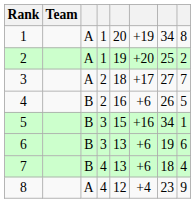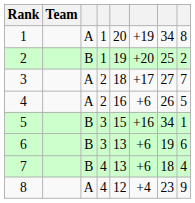 <table class="wikitable" style="text-align:center;">
 <tr>
 <th>Rank</th>
 <th>Team</th>
 <th></th>
 <th></th>
 <th></th>
 <th></th>
 <th></th>
 <th></th>
 </tr>
 <tr>
 <td>1</td>
 <td align=left></td>
 <td>A</td>
 <td>1</td>
 <td>20</td>
 <td>+19</td>
 <td>34</td>
 <td>8</td>
 </tr>
 <tr style="background-color:#CCFFCC;">
 <td>2</td>
 <td align=left></td>
-<td>A</td>
+<td>B</td>
 <td>1</td>
 <td>19</td>
 <td>+20</td>
 <td>25</td>
 <td>2</td>
 </tr>
 <tr>
 <td>3</td>
 <td align=left></td>
 <td>A</td>
 <td>2</td>
 <td>18</td>
 <td>+17</td>
 <td>27</td>
 <td>7</td>
 </tr>
 <tr>
 <td>4</td>
 <td align=left></td>
-<td>B</td>
+<td>A</td>
 <td>2</td>
 <td>16</td>
 <td>+6</td>
 <td>26</td>
 <td>5</td>
 </tr>
 <tr style="background-color:#CCFFCC;">
 <td>5</td>
 <td align=left></td>
 <td>B</td>
 <td>3</td>
 <td>15</td>
 <td>+16</td>
 <td>34</td>
 <td>1</td>
 </tr>
 <tr style="background-color:#CCFFCC;">
 <td>6</td>
 <td align=left></td>
 <td>B</td>
 <td>3</td>
 <td>13</td>
 <td>+6</td>
 <td>19</td>
 <td>6</td>
 </tr>
 <tr style="background-color:#CCFFCC;">
 <td>7</td>
 <td align=left></td>
 <td>B</td>
 <td>4</td>
 <td>13</td>
 <td>+6</td>
 <td>18</td>
 <td>4</td>
 </tr>
 <tr>
 <td>8</td>
 <td align=left></td>
 <td>A</td>
 <td>4</td>
 <td>12</td>
 <td>+4</td>
 <td>23</td>
 <td>9</td>
 </tr>
 </table>
